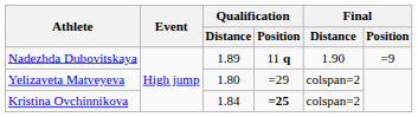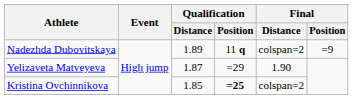 <table class=wikitable style=font-size:90%>
 <tr>
 <th rowspan=2>Athlete</th>
 <th rowspan=2>Event</th>
 <th colspan=2>Qualification</th>
 <th colspan=2>Final</th>
 </tr>
 <tr style=font-size:95%>
 <th>Distance</th>
 <th>Position</th>
 <th>Distance</th>
 <th>Position</th>
 </tr>
 <tr align=center>
 <td align=left><a href='#'>Nadezhda Dubovitskaya</a></td>
 <td align=left rowspan=3><a href='#'>High jump</a></td>
 <td>1.89</td>
 <td>11 <strong>q</strong></td>
-<td>1.90</td>
+<td>colspan=2 </td>
 <td>=9</td>
 </tr>
 <tr align=center>
 <td align=left><a href='#'>Yelizaveta Matveyeva</a></td>
-<td>1.80</td>
+<td>1.87</td>
 <td>=29</td>
-<td>colspan=2 </td>
+<td>1.90</td>
 </tr>
 <tr align=center>
 <td align=left><a href='#'>Kristina Ovchinnikova</a></td>
-<td>1.84</td>
+<td>1.85</td>
 <td><strong>=25</strong></td>
 <td>colspan=2 </td>
 </tr>
 </table>
